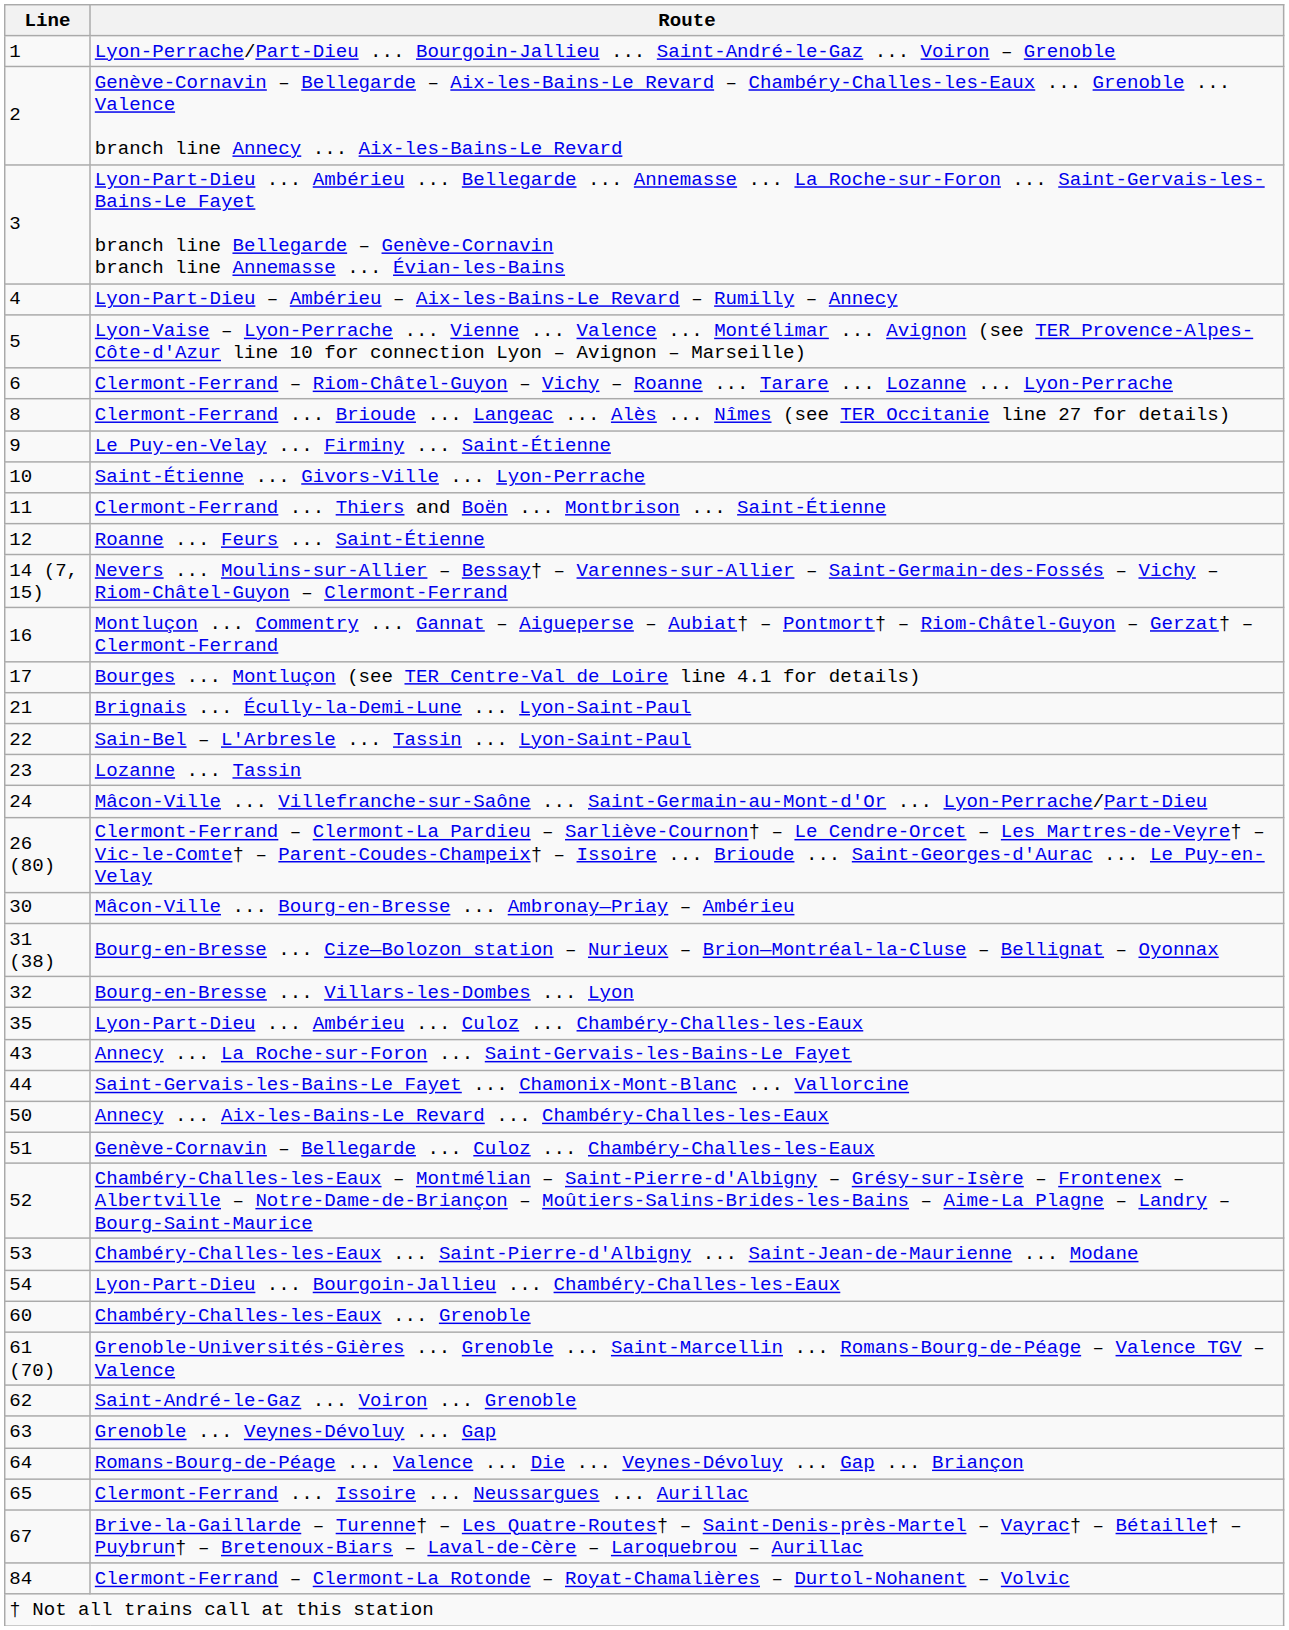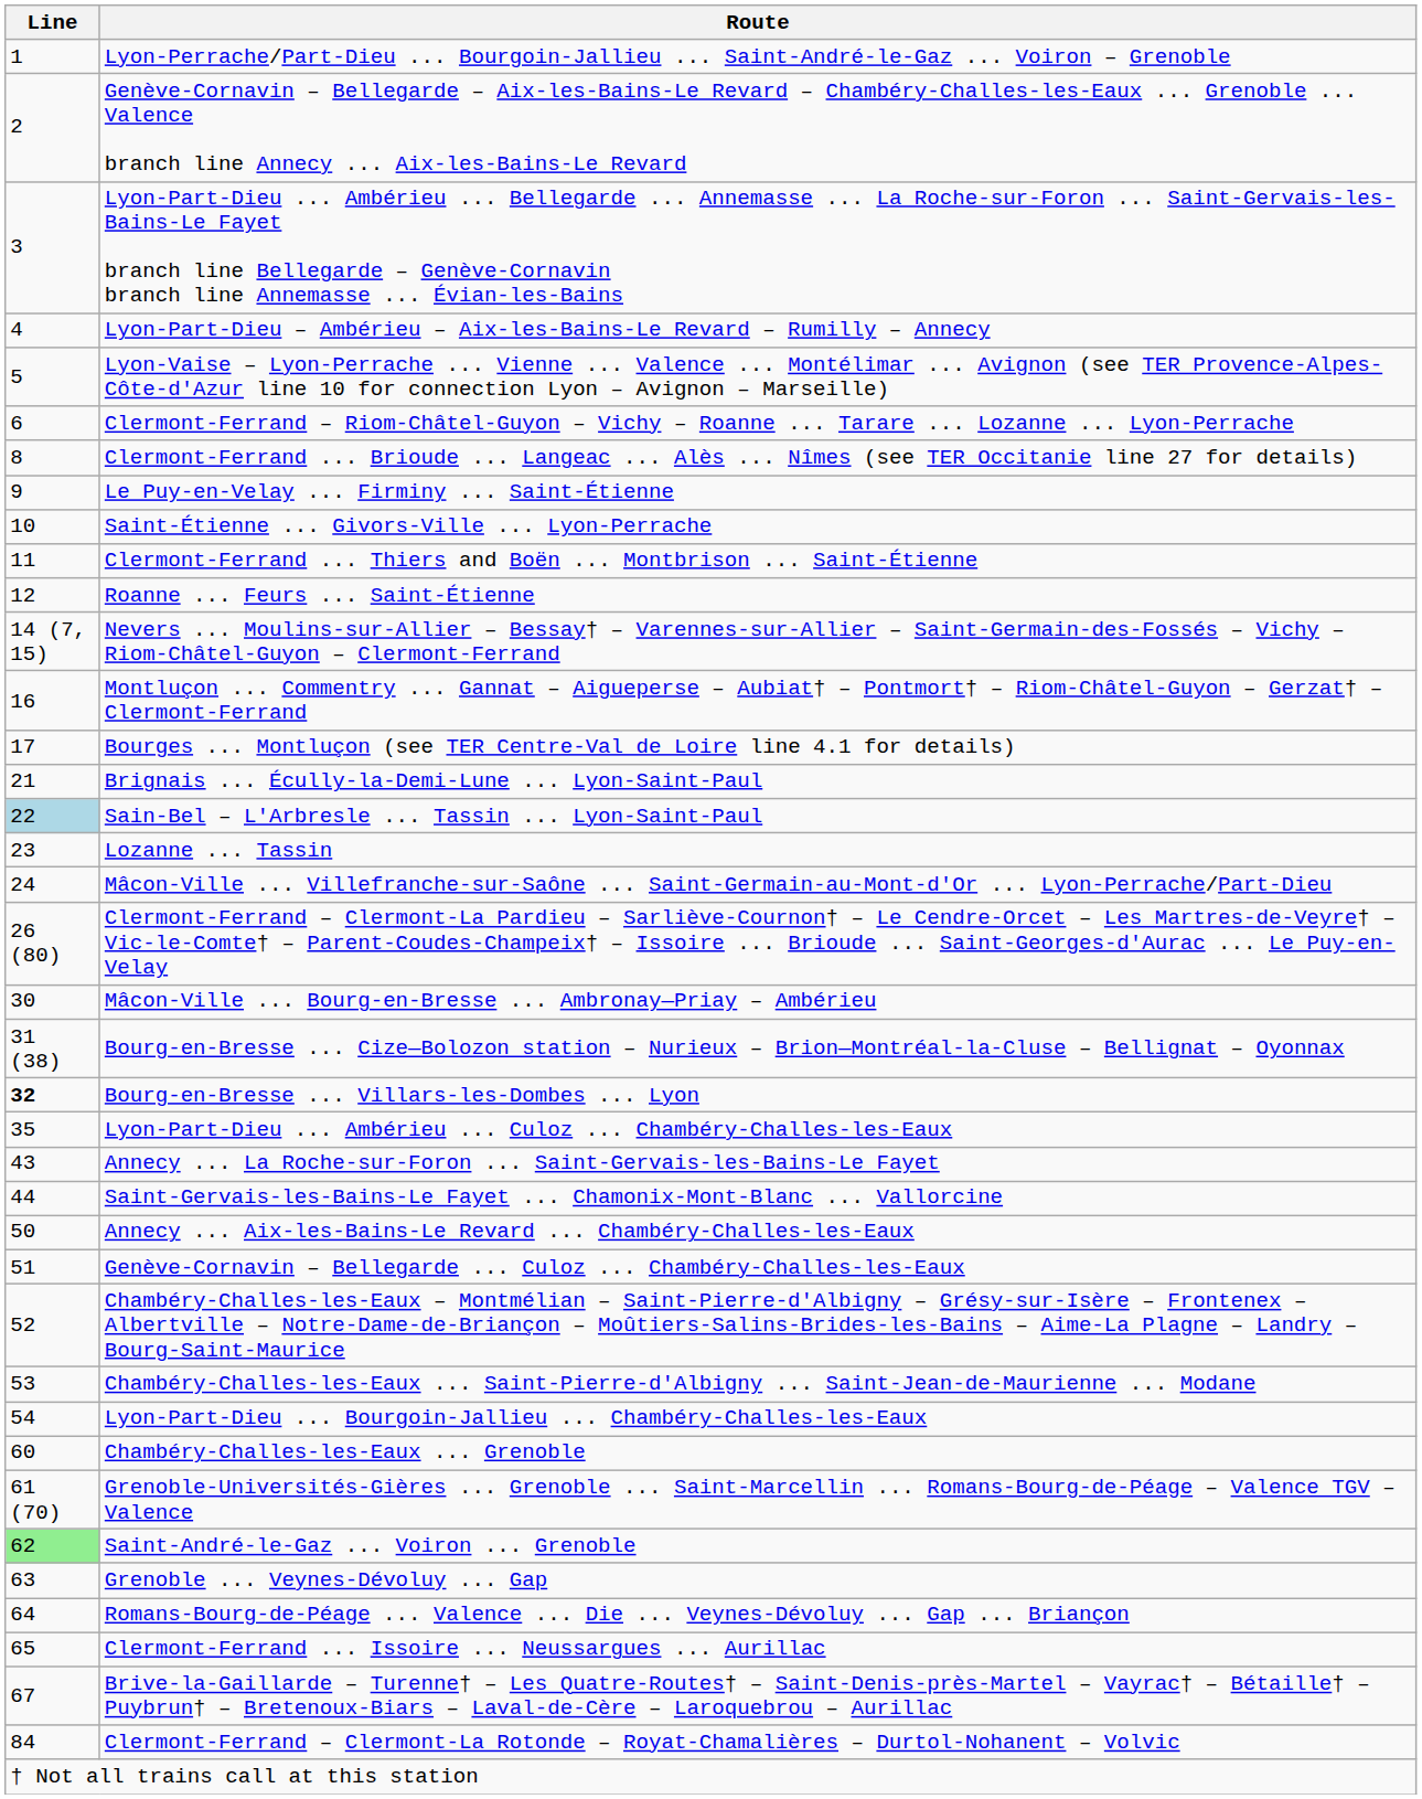 <table class="wikitable vatop">
 <tr>
 <th>Line</th>
 <th>Route</th>
 </tr>
 <tr>
 <td>1</td>
 <td><a href='#'>Lyon-Perrache</a>/<a href='#'>Part-Dieu</a> ... <a href='#'>Bourgoin-Jallieu</a> ... <a href='#'>Saint-André-le-Gaz</a> ... <a href='#'>Voiron</a> – <a href='#'>Grenoble</a></td>
 </tr>
 <tr>
 <td>2</td>
 <td><a href='#'>Genève-Cornavin</a> – <a href='#'>Bellegarde</a> – <a href='#'>Aix-les-Bains-Le Revard</a> – <a href='#'>Chambéry-Challes-les-Eaux</a> ... <a href='#'>Grenoble</a> ... <a href='#'>Valence</a><br><br>branch line <a href='#'>Annecy</a> ... <a href='#'>Aix-les-Bains-Le Revard</a></td>
 </tr>
 <tr>
 <td>3</td>
 <td><a href='#'>Lyon-Part-Dieu</a> ... <a href='#'>Ambérieu</a> ... <a href='#'>Bellegarde</a> ... <a href='#'>Annemasse</a> ... <a href='#'>La Roche-sur-Foron</a> ... <a href='#'>Saint-Gervais-les-Bains-Le Fayet</a><br><br>branch line <a href='#'>Bellegarde</a> – <a href='#'>Genève-Cornavin</a><br> branch line <a href='#'>Annemasse</a> ... <a href='#'>Évian-les-Bains</a></td>
 </tr>
 <tr>
 <td>4</td>
 <td><a href='#'>Lyon-Part-Dieu</a> – <a href='#'>Ambérieu</a> – <a href='#'>Aix-les-Bains-Le Revard</a> – <a href='#'>Rumilly</a> – <a href='#'>Annecy</a></td>
 </tr>
 <tr>
 <td>5</td>
 <td><a href='#'>Lyon-Vaise</a> – <a href='#'>Lyon-Perrache</a> ... <a href='#'>Vienne</a> ... <a href='#'>Valence</a> ... <a href='#'>Montélimar</a> ... <a href='#'>Avignon</a> (see <a href='#'>TER Provence-Alpes-Côte-d'Azur</a> line 10 for connection Lyon – Avignon – Marseille)</td>
 </tr>
 <tr>
 <td>6</td>
 <td><a href='#'>Clermont-Ferrand</a> – <a href='#'>Riom-Châtel-Guyon</a> – <a href='#'>Vichy</a> – <a href='#'>Roanne</a> ... <a href='#'>Tarare</a> ... <a href='#'>Lozanne</a> ... <a href='#'>Lyon-Perrache</a></td>
 </tr>
 <tr>
 <td>8</td>
 <td><a href='#'>Clermont-Ferrand</a> ... <a href='#'>Brioude</a> ... <a href='#'>Langeac</a> ... <a href='#'>Alès</a> ... <a href='#'>Nîmes</a> (see <a href='#'>TER Occitanie</a> line 27 for details)</td>
 </tr>
 <tr>
 <td>9</td>
 <td><a href='#'>Le Puy-en-Velay</a> ... <a href='#'>Firminy</a> ... <a href='#'>Saint-Étienne</a></td>
 </tr>
 <tr>
 <td>10</td>
 <td><a href='#'>Saint-Étienne</a> ... <a href='#'>Givors-Ville</a> ... <a href='#'>Lyon-Perrache</a></td>
 </tr>
 <tr>
 <td>11</td>
 <td><a href='#'>Clermont-Ferrand</a> ... <a href='#'>Thiers</a> and <a href='#'>Boën</a> ... <a href='#'>Montbrison</a> ... <a href='#'>Saint-Étienne</a></td>
 </tr>
 <tr>
 <td>12</td>
 <td><a href='#'>Roanne</a> ... <a href='#'>Feurs</a> ... <a href='#'>Saint-Étienne</a></td>
 </tr>
 <tr>
 <td>14 (7, 15)</td>
 <td><a href='#'>Nevers</a> ... <a href='#'>Moulins-sur-Allier</a> – <a href='#'>Bessay</a>† – <a href='#'>Varennes-sur-Allier</a> – <a href='#'>Saint-Germain-des-Fossés</a> – <a href='#'>Vichy</a> – <a href='#'>Riom-Châtel-Guyon</a> – <a href='#'>Clermont-Ferrand</a></td>
 </tr>
 <tr>
 <td>16</td>
 <td><a href='#'>Montluçon</a> ... <a href='#'>Commentry</a> ... <a href='#'>Gannat</a> – <a href='#'>Aigueperse</a> – <a href='#'>Aubiat</a>† – <a href='#'>Pontmort</a>† – <a href='#'>Riom-Châtel-Guyon</a> – <a href='#'>Gerzat</a>† – <a href='#'>Clermont-Ferrand</a></td>
 </tr>
 <tr>
 <td>17</td>
 <td><a href='#'>Bourges</a> ... <a href='#'>Montluçon</a> (see <a href='#'>TER Centre-Val de Loire</a> line 4.1 for details)</td>
 </tr>
 <tr>
 <td>21</td>
 <td><a href='#'>Brignais</a> ... <a href='#'>Écully-la-Demi-Lune</a> ... <a href='#'>Lyon-Saint-Paul</a></td>
 </tr>
 <tr>
-<td>22</td>
+<td style="background: lightblue;">22</td>
 <td><a href='#'>Sain-Bel</a> – <a href='#'>L'Arbresle</a> ... <a href='#'>Tassin</a> ... <a href='#'>Lyon-Saint-Paul</a></td>
 </tr>
 <tr>
 <td>23</td>
 <td><a href='#'>Lozanne</a> ... <a href='#'>Tassin</a></td>
 </tr>
 <tr>
 <td>24</td>
 <td><a href='#'>Mâcon-Ville</a> ... <a href='#'>Villefranche-sur-Saône</a> ... <a href='#'>Saint-Germain-au-Mont-d'Or</a> ... <a href='#'>Lyon-Perrache</a>/<a href='#'>Part-Dieu</a></td>
 </tr>
 <tr>
 <td>26 (80)</td>
 <td><a href='#'>Clermont-Ferrand</a> – <a href='#'>Clermont-La Pardieu</a> – <a href='#'>Sarliève-Cournon</a>† – <a href='#'>Le Cendre-Orcet</a> – <a href='#'>Les Martres-de-Veyre</a>† – <a href='#'>Vic-le-Comte</a>† – <a href='#'>Parent-Coudes-Champeix</a>† – <a href='#'>Issoire</a> ... <a href='#'>Brioude</a> ... <a href='#'>Saint-Georges-d'Aurac</a> ... <a href='#'>Le Puy-en-Velay</a></td>
 </tr>
 <tr>
 <td>30</td>
 <td><a href='#'>Mâcon-Ville</a> ... <a href='#'>Bourg-en-Bresse</a> ... <a href='#'>Ambronay—Priay</a> – <a href='#'>Ambérieu</a></td>
 </tr>
 <tr>
 <td>31 (38)</td>
 <td><a href='#'>Bourg-en-Bresse</a> ... <a href='#'>Cize—Bolozon station</a> – <a href='#'>Nurieux</a> – <a href='#'>Brion—Montréal-la-Cluse</a> – <a href='#'>Bellignat</a> – <a href='#'>Oyonnax</a></td>
 </tr>
 <tr>
-<td>32</td>
+<td><strong>32</strong></td>
 <td><a href='#'>Bourg-en-Bresse</a> ... <a href='#'>Villars-les-Dombes</a> ... <a href='#'>Lyon</a></td>
 </tr>
 <tr>
 <td>35</td>
 <td><a href='#'>Lyon-Part-Dieu</a> ... <a href='#'>Ambérieu</a> ... <a href='#'>Culoz</a> ... <a href='#'>Chambéry-Challes-les-Eaux</a></td>
 </tr>
 <tr>
 <td>43</td>
 <td><a href='#'>Annecy</a> ... <a href='#'>La Roche-sur-Foron</a> ... <a href='#'>Saint-Gervais-les-Bains-Le Fayet</a></td>
 </tr>
 <tr>
 <td>44</td>
 <td><a href='#'>Saint-Gervais-les-Bains-Le Fayet</a> ... <a href='#'>Chamonix-Mont-Blanc</a> ... <a href='#'>Vallorcine</a></td>
 </tr>
 <tr>
 <td>50</td>
 <td><a href='#'>Annecy</a> ... <a href='#'>Aix-les-Bains-Le Revard</a> ... <a href='#'>Chambéry-Challes-les-Eaux</a></td>
 </tr>
 <tr>
 <td>51</td>
 <td><a href='#'>Genève-Cornavin</a> – <a href='#'>Bellegarde</a> ... <a href='#'>Culoz</a> ... <a href='#'>Chambéry-Challes-les-Eaux</a></td>
 </tr>
 <tr>
 <td>52</td>
 <td><a href='#'>Chambéry-Challes-les-Eaux</a> – <a href='#'>Montmélian</a> – <a href='#'>Saint-Pierre-d'Albigny</a> – <a href='#'>Grésy-sur-Isère</a> – <a href='#'>Frontenex</a> – <a href='#'>Albertville</a> – <a href='#'>Notre-Dame-de-Briançon</a> – <a href='#'>Moûtiers-Salins-Brides-les-Bains</a> – <a href='#'>Aime-La Plagne</a> – <a href='#'>Landry</a> – <a href='#'>Bourg-Saint-Maurice</a></td>
 </tr>
 <tr>
 <td>53</td>
 <td><a href='#'>Chambéry-Challes-les-Eaux</a> ... <a href='#'>Saint-Pierre-d'Albigny</a> ... <a href='#'>Saint-Jean-de-Maurienne</a> ... <a href='#'>Modane</a></td>
 </tr>
 <tr>
 <td>54</td>
 <td><a href='#'>Lyon-Part-Dieu</a> ... <a href='#'>Bourgoin-Jallieu</a> ... <a href='#'>Chambéry-Challes-les-Eaux</a></td>
 </tr>
 <tr>
 <td>60</td>
 <td><a href='#'>Chambéry-Challes-les-Eaux</a> ... <a href='#'>Grenoble</a></td>
 </tr>
 <tr>
 <td>61 (70)</td>
 <td><a href='#'>Grenoble-Universités-Gières</a> ... <a href='#'>Grenoble</a> ... <a href='#'>Saint-Marcellin</a> ... <a href='#'>Romans-Bourg-de-Péage</a> – <a href='#'>Valence TGV</a> – <a href='#'>Valence</a></td>
 </tr>
 <tr>
-<td>62</td>
+<td style="background: lightgreen;">62</td>
 <td><a href='#'>Saint-André-le-Gaz</a> ... <a href='#'>Voiron</a> ... <a href='#'>Grenoble</a></td>
 </tr>
 <tr>
 <td>63</td>
 <td><a href='#'>Grenoble</a> ... <a href='#'>Veynes-Dévoluy</a> ... <a href='#'>Gap</a></td>
 </tr>
 <tr>
 <td>64</td>
 <td><a href='#'>Romans-Bourg-de-Péage</a> ... <a href='#'>Valence</a> ... <a href='#'>Die</a> ... <a href='#'>Veynes-Dévoluy</a> ... <a href='#'>Gap</a> ... <a href='#'>Briançon</a></td>
 </tr>
 <tr>
 <td>65</td>
 <td><a href='#'>Clermont-Ferrand</a> ... <a href='#'>Issoire</a> ... <a href='#'>Neussargues</a> ... <a href='#'>Aurillac</a></td>
 </tr>
 <tr>
 <td>67</td>
 <td><a href='#'>Brive-la-Gaillarde</a> – <a href='#'>Turenne</a>† – <a href='#'>Les Quatre-Routes</a>† – <a href='#'>Saint-Denis-près-Martel</a> – <a href='#'>Vayrac</a>† – <a href='#'>Bétaille</a>† – <a href='#'>Puybrun</a>† – <a href='#'>Bretenoux-Biars</a> – <a href='#'>Laval-de-Cère</a> – <a href='#'>Laroquebrou</a> – <a href='#'>Aurillac</a></td>
 </tr>
 <tr>
 <td>84</td>
 <td><a href='#'>Clermont-Ferrand</a> – <a href='#'>Clermont-La Rotonde</a> – <a href='#'>Royat-Chamalières</a> – <a href='#'>Durtol-Nohanent</a> – <a href='#'>Volvic</a></td>
 </tr>
 <tr>
 <td colspan=2>† Not all trains call at this station</td>
 </tr>
 </table>
